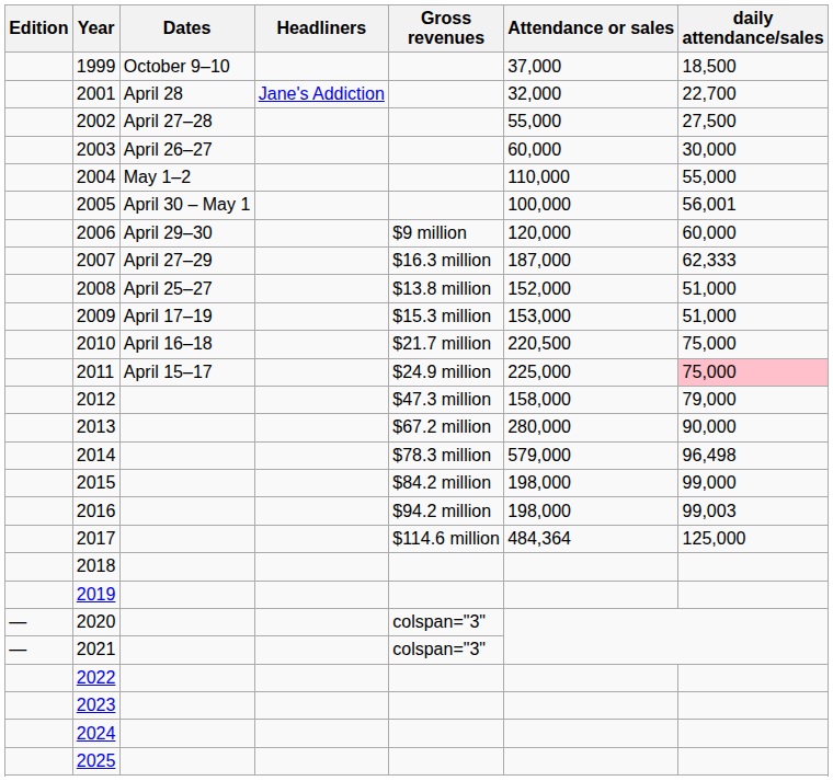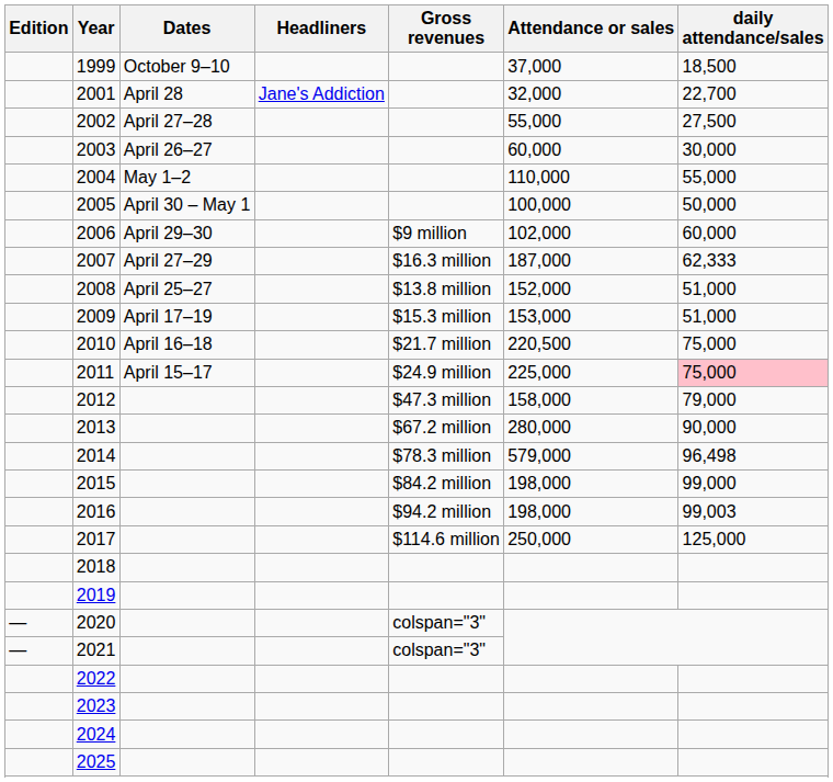 <table class="wikitable sortable">
 <tr>
 <th>Edition</th>
 <th>Year</th>
 <th>Dates</th>
 <th class="unsortable">Headliners</th>
 <th>Gross<br> revenues</th>
 <th>Attendance or sales</th>
 <th> daily<br> attendance/sales</th>
 </tr>
 <tr>
 <td></td>
 <td>1999</td>
 <td>October 9–10</td>
 <td></td>
 <td></td>
 <td>37,000 </td>
 <td>18,500 </td>
 </tr>
 <tr>
 <td></td>
 <td>2001</td>
 <td>April 28</td>
 <td><a href='#'>Jane's Addiction</a></td>
 <td></td>
 <td>32,000 </td>
 <td>22,700</td>
 </tr>
 <tr>
 <td></td>
 <td>2002</td>
 <td>April 27–28</td>
 <td></td>
 <td></td>
 <td>55,000 </td>
 <td>27,500 </td>
 </tr>
 <tr>
 <td></td>
 <td>2003</td>
 <td>April 26–27</td>
 <td></td>
 <td></td>
 <td>60,000 </td>
 <td>30,000 </td>
 </tr>
 <tr>
 <td></td>
 <td>2004</td>
 <td>May 1–2</td>
 <td></td>
 <td></td>
 <td>110,000 </td>
 <td>55,000 </td>
 </tr>
 <tr>
 <td></td>
 <td>2005</td>
 <td>April 30 – May 1</td>
 <td></td>
 <td></td>
 <td>100,000 </td>
-<td>56,001 </td>
+<td>50,000 </td>
 </tr>
 <tr>
 <td></td>
 <td>2006</td>
 <td>April 29–30</td>
 <td></td>
 <td>$9 million</td>
-<td>120,000 </td>
+<td>102,000 </td>
 <td>60,000 </td>
 </tr>
 <tr>
 <td></td>
 <td>2007</td>
 <td>April 27–29</td>
 <td></td>
 <td>$16.3 million</td>
 <td>187,000 </td>
 <td>62,333 </td>
 </tr>
 <tr>
 <td></td>
 <td>2008</td>
 <td>April 25–27</td>
 <td></td>
 <td>$13.8 million</td>
 <td>152,000 </td>
 <td>51,000 </td>
 </tr>
 <tr>
 <td></td>
 <td>2009</td>
 <td>April 17–19</td>
 <td></td>
 <td>$15.3 million</td>
 <td>153,000 </td>
 <td>51,000 </td>
 </tr>
 <tr>
 <td></td>
 <td>2010</td>
 <td>April 16–18</td>
 <td></td>
 <td>$21.7 million</td>
 <td>220,500 </td>
 <td>75,000</td>
 </tr>
 <tr>
 <td></td>
 <td>2011</td>
 <td>April 15–17</td>
 <td></td>
 <td>$24.9 million</td>
 <td>225,000 </td>
 <td style="background: pink;">75,000</td>
 </tr>
 <tr>
 <td></td>
 <td>2012</td>
 <td></td>
 <td></td>
 <td>$47.3 million</td>
 <td>158,000 </td>
 <td>79,000 </td>
 </tr>
 <tr>
 <td></td>
 <td>2013</td>
 <td></td>
 <td></td>
 <td>$67.2 million</td>
 <td>280,000 </td>
 <td>90,000 </td>
 </tr>
 <tr>
 <td></td>
 <td>2014</td>
 <td></td>
 <td></td>
 <td>$78.3 million</td>
 <td>579,000 </td>
 <td>96,498 </td>
 </tr>
 <tr>
 <td></td>
 <td>2015</td>
 <td></td>
 <td></td>
 <td>$84.2 million</td>
 <td>198,000 </td>
 <td>99,000 </td>
 </tr>
 <tr>
 <td></td>
 <td>2016</td>
 <td></td>
 <td></td>
 <td>$94.2 million</td>
 <td>198,000 </td>
 <td>99,003 </td>
 </tr>
 <tr>
 <td></td>
 <td>2017</td>
 <td></td>
 <td></td>
 <td>$114.6 million</td>
-<td>484,364 </td>
+<td>250,000 </td>
 <td>125,000</td>
 </tr>
 <tr>
 <td></td>
 <td>2018</td>
 <td></td>
 <td></td>
 <td></td>
 <td></td>
 <td></td>
 </tr>
 <tr>
 <td></td>
 <td><a href='#'>2019</a></td>
 <td></td>
 <td></td>
 <td></td>
 <td></td>
 <td></td>
 </tr>
 <tr>
 <td>—</td>
 <td>2020</td>
 <td></td>
 <td></td>
 <td>colspan="3" </td>
 </tr>
 <tr>
 <td>—</td>
 <td>2021</td>
 <td></td>
 <td></td>
 <td>colspan="3" </td>
 </tr>
 <tr>
 <td></td>
 <td><a href='#'>2022</a></td>
 <td></td>
 <td></td>
 <td></td>
 <td></td>
 <td></td>
 </tr>
 <tr>
 </tr>
 <tr>
 <td></td>
 <td><a href='#'>2023</a></td>
 <td></td>
 <td></td>
 <td></td>
 <td></td>
 <td></td>
 </tr>
 <tr>
 </tr>
 <tr>
 <td></td>
 <td><a href='#'>2024</a></td>
 <td></td>
 <td></td>
 <td></td>
 <td></td>
 <td></td>
 </tr>
 <tr>
 </tr>
 <tr>
 <td></td>
 <td><a href='#'>2025</a></td>
 <td></td>
 <td></td>
 <td></td>
 <td></td>
 <td></td>
 </tr>
 <tr>
 </tr>
 <tr>
 </tr>
 </table>
